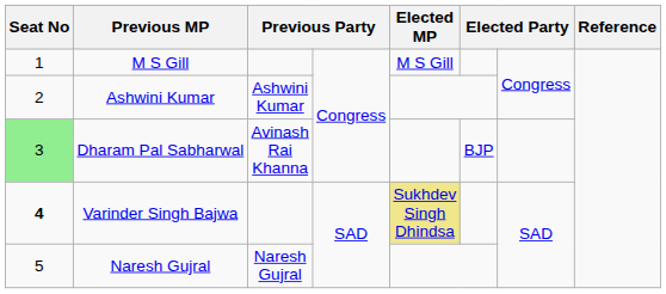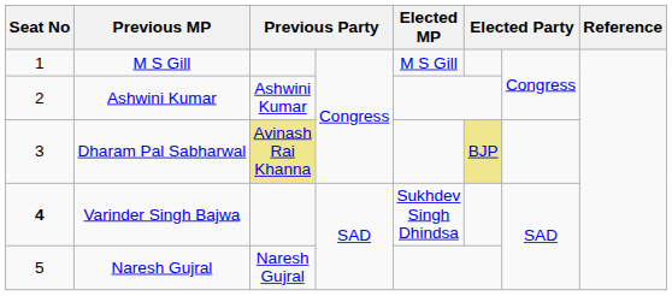 <table class="wikitable">
 <tr>
 <th>Seat No</th>
 <th>Previous MP</th>
 <th colspan=2>Previous Party</th>
 <th>Elected MP</th>
 <th colspan=2>Elected Party</th>
 <th>Reference</th>
 </tr>
 <tr style="text-align:center;">
 <td>1</td>
 <td><a href='#'>M S Gill</a></td>
 <td width="1px"></td>
 <td rowspan="3"><a href='#'>Congress</a></td>
 <td><a href='#'>M S Gill</a></td>
 <td width="1px"></td>
 <td rowspan="2"><a href='#'>Congress</a></td>
 <td rowspan=5></td>
 </tr>
 <tr style="text-align:center;">
 <td>2</td>
 <td><a href='#'>Ashwini Kumar</a></td>
 <td><a href='#'>Ashwini Kumar</a></td>
 </tr>
 <tr style="text-align:center;">
-<td style="background: lightgreen;">3</td>
+<td>3</td>
 <td><a href='#'>Dharam Pal Sabharwal</a></td>
-<td><a href='#'>Avinash Rai Khanna</a></td>
+<td style="background: khaki;"><a href='#'>Avinash Rai Khanna</a></td>
 <td width="1px"></td>
-<td><a href='#'>BJP</a></td>
+<td style="background: khaki;"><a href='#'>BJP</a></td>
 </tr>
 <tr style="text-align:center;">
 <td><strong>4</strong></td>
 <td><a href='#'>Varinder Singh Bajwa</a></td>
 <td width="1px"></td>
 <td rowspan=2><a href='#'>SAD</a></td>
-<td style="background: khaki;"><a href='#'>Sukhdev Singh Dhindsa</a></td>
+<td><a href='#'>Sukhdev Singh Dhindsa</a></td>
 <td width="1px"></td>
 <td rowspan="2"><a href='#'>SAD</a></td>
 </tr>
 <tr style="text-align:center;">
 <td>5</td>
 <td><a href='#'>Naresh Gujral</a></td>
 <td><a href='#'>Naresh Gujral</a></td>
 </tr>
 </table>
